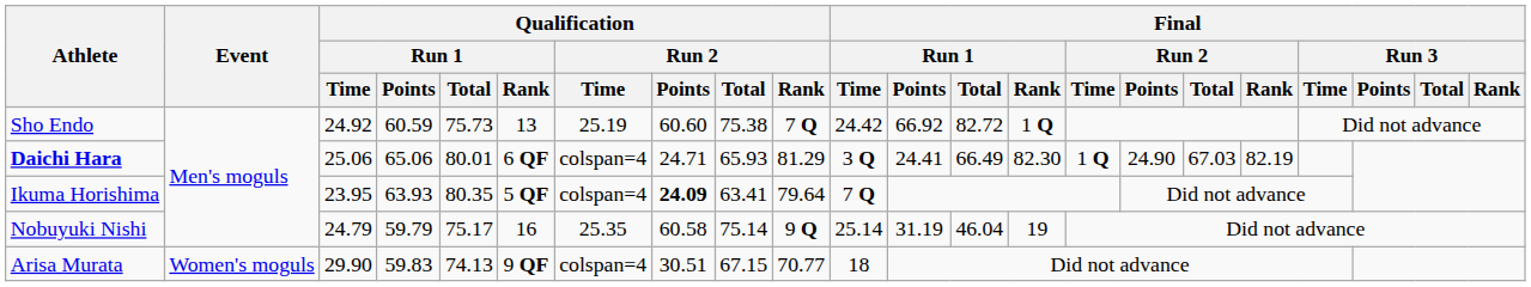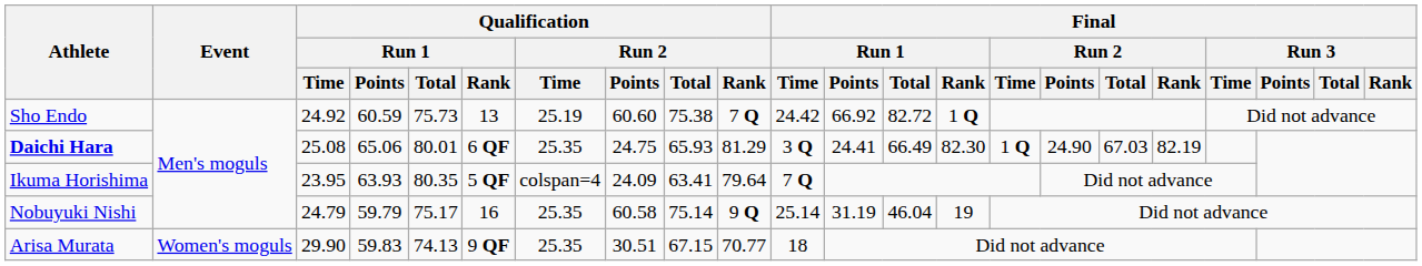 <table class="wikitable" style="font-size:90%">
 <tr>
 <th rowspan=3>Athlete</th>
 <th rowspan=3>Event</th>
 <th colspan=8>Qualification</th>
 <th colspan=12>Final</th>
 </tr>
 <tr style="font-size:95%">
 <th colspan=4>Run 1</th>
 <th colspan=4>Run 2</th>
 <th colspan=4>Run 1</th>
 <th colspan=4>Run 2</th>
 <th colspan=4>Run 3</th>
 </tr>
 <tr style="font-size:95%">
 <th>Time</th>
 <th>Points</th>
 <th>Total</th>
 <th>Rank</th>
 <th>Time</th>
 <th>Points</th>
 <th>Total</th>
 <th>Rank</th>
 <th>Time</th>
 <th>Points</th>
 <th>Total</th>
 <th>Rank</th>
 <th>Time</th>
 <th>Points</th>
 <th>Total</th>
 <th>Rank</th>
 <th>Time</th>
 <th>Points</th>
 <th>Total</th>
 <th>Rank</th>
 </tr>
 <tr align=center>
 <td align=left><a href='#'>Sho Endo</a></td>
 <td rowspan="4" align="left"><a href='#'>Men's moguls</a></td>
 <td>24.92</td>
 <td>60.59</td>
 <td>75.73</td>
 <td>13</td>
 <td>25.19</td>
 <td>60.60</td>
 <td>75.38</td>
 <td>7 <strong>Q</strong></td>
 <td>24.42</td>
 <td>66.92</td>
 <td>82.72</td>
 <td>1 <strong>Q</strong></td>
 <td colspan=4></td>
 <td colspan=4>Did not advance</td>
 </tr>
 <tr align=center>
 <td align=left><strong><a href='#'>Daichi Hara</a></strong></td>
-<td>25.06</td>
+<td>25.08</td>
 <td>65.06</td>
 <td>80.01</td>
 <td>6 <strong>QF</strong></td>
-<td>colspan=4 </td>
-<td>24.71</td>
+<td>25.35</td>
+<td>24.75</td>
 <td>65.93</td>
 <td>81.29</td>
 <td>3 <strong>Q</strong></td>
 <td>24.41</td>
 <td>66.49</td>
 <td>82.30</td>
 <td>1 <strong>Q</strong></td>
 <td>24.90</td>
 <td>67.03</td>
 <td>82.19</td>
 <td></td>
 </tr>
 <tr align=center>
 <td align=left><a href='#'>Ikuma Horishima</a></td>
 <td>23.95</td>
 <td>63.93</td>
 <td>80.35</td>
 <td>5 <strong>QF</strong></td>
 <td>colspan=4 </td>
-<td><strong>24.09</strong></td>
+<td>24.09</td>
 <td>63.41</td>
 <td>79.64</td>
 <td>7 <strong>Q</strong></td>
 <td colspan=4></td>
 <td colspan=4>Did not advance</td>
 </tr>
 <tr align=center>
 <td align=left><a href='#'>Nobuyuki Nishi</a></td>
 <td>24.79</td>
 <td>59.79</td>
 <td>75.17</td>
 <td>16</td>
 <td>25.35</td>
 <td>60.58</td>
 <td>75.14</td>
 <td>9 <strong>Q</strong></td>
 <td>25.14</td>
 <td>31.19</td>
 <td>46.04</td>
 <td>19</td>
 <td colspan=8>Did not advance</td>
 </tr>
 <tr align=center>
 <td align=left><a href='#'>Arisa Murata</a></td>
 <td align="left"><a href='#'>Women's moguls</a></td>
 <td>29.90</td>
 <td>59.83</td>
 <td>74.13</td>
 <td>9 <strong>QF</strong></td>
-<td>colspan=4 </td>
+<td>25.35</td>
 <td>30.51</td>
 <td>67.15</td>
 <td>70.77</td>
 <td>18</td>
 <td colspan=8>Did not advance</td>
 </tr>
 </table>
